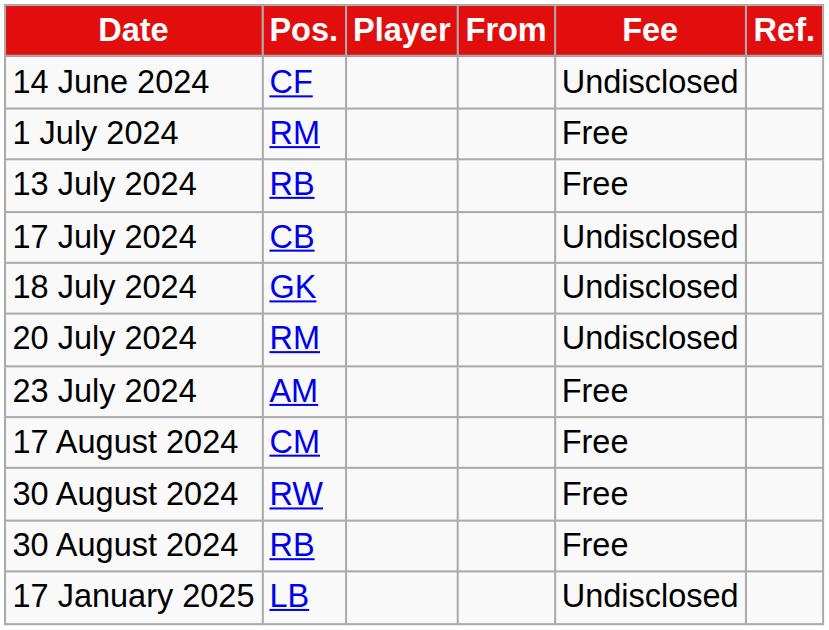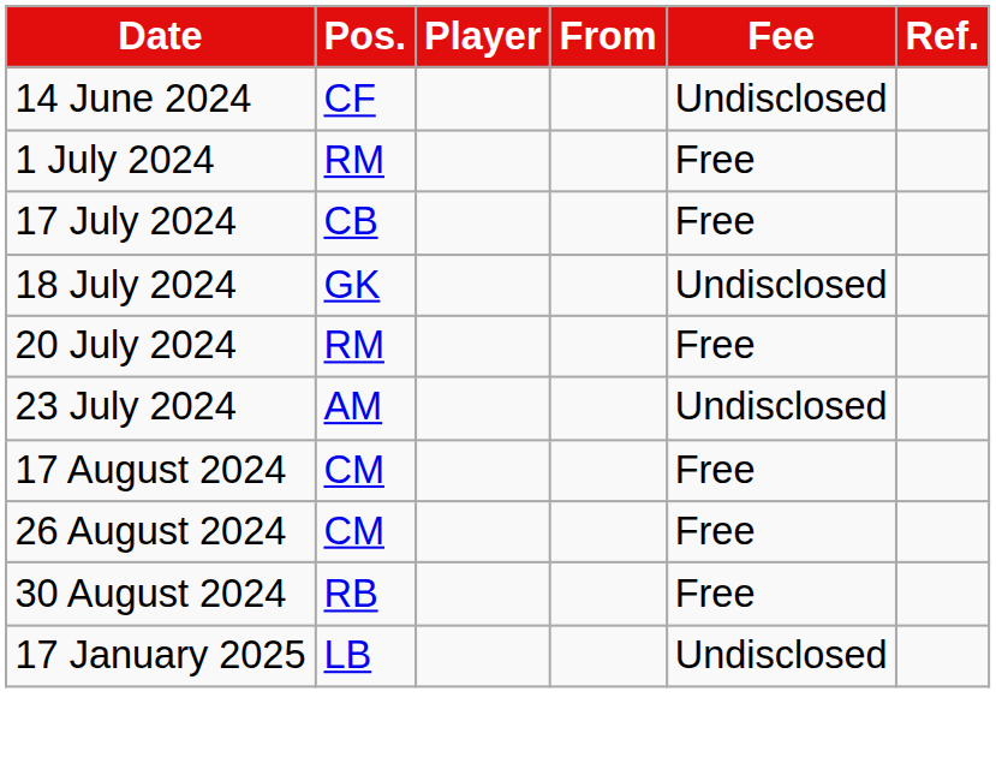 <table class="wikitable plainrowheaders sortable">
 <tr>
 <th style="background:#e20e0e;color:white;">Date</th>
 <th style="background:#e20e0e;color:white;">Pos.</th>
 <th style="background:#e20e0e;color:white;">Player</th>
 <th style="background:#e20e0e;color:white;">From</th>
 <th style="background:#e20e0e;color:white;">Fee</th>
 <th style="background:#e20e0e;color:white;">Ref.</th>
 </tr>
 <tr>
 <td>14 June 2024</td>
 <td><a href='#'>CF</a></td>
 <td></td>
 <td></td>
 <td>Undisclosed</td>
 <td></td>
 </tr>
 <tr>
 <td>1 July 2024</td>
 <td><a href='#'>RM</a></td>
 <td></td>
 <td></td>
 <td>Free</td>
 <td></td>
 </tr>
 <tr>
-<td>13 July 2024</td>
-<td><a href='#'>RB</a></td>
-<td></td>
-<td></td>
-<td>Free</td>
-<td></td>
-</tr>
-<tr>
 <td>17 July 2024</td>
 <td><a href='#'>CB</a></td>
 <td></td>
 <td></td>
-<td>Undisclosed</td>
+<td>Free</td>
 <td></td>
 </tr>
 <tr>
 <td>18 July 2024</td>
 <td><a href='#'>GK</a></td>
 <td></td>
 <td></td>
 <td>Undisclosed</td>
 <td></td>
 </tr>
 <tr>
 <td>20 July 2024</td>
 <td><a href='#'>RM</a></td>
 <td></td>
 <td></td>
-<td>Undisclosed</td>
+<td>Free</td>
 <td></td>
 </tr>
 <tr>
 <td>23 July 2024</td>
 <td><a href='#'>AM</a></td>
 <td></td>
 <td></td>
-<td>Free</td>
+<td>Undisclosed</td>
 <td></td>
 </tr>
 <tr>
 <td>17 August 2024</td>
 <td><a href='#'>CM</a></td>
 <td></td>
 <td></td>
 <td>Free</td>
 <td></td>
 </tr>
 <tr>
-<td>30 August 2024</td>
-<td><a href='#'>RW</a></td>
+<td>26 August 2024</td>
+<td><a href='#'>CM</a></td>
 <td></td>
 <td></td>
 <td>Free</td>
 <td></td>
 </tr>
 <tr>
 <td>30 August 2024</td>
 <td><a href='#'>RB</a></td>
 <td></td>
 <td></td>
 <td>Free</td>
 <td></td>
 </tr>
 <tr>
 <td>17 January 2025</td>
 <td><a href='#'>LB</a></td>
 <td></td>
 <td></td>
 <td>Undisclosed</td>
 <td></td>
 </tr>
 </table>
